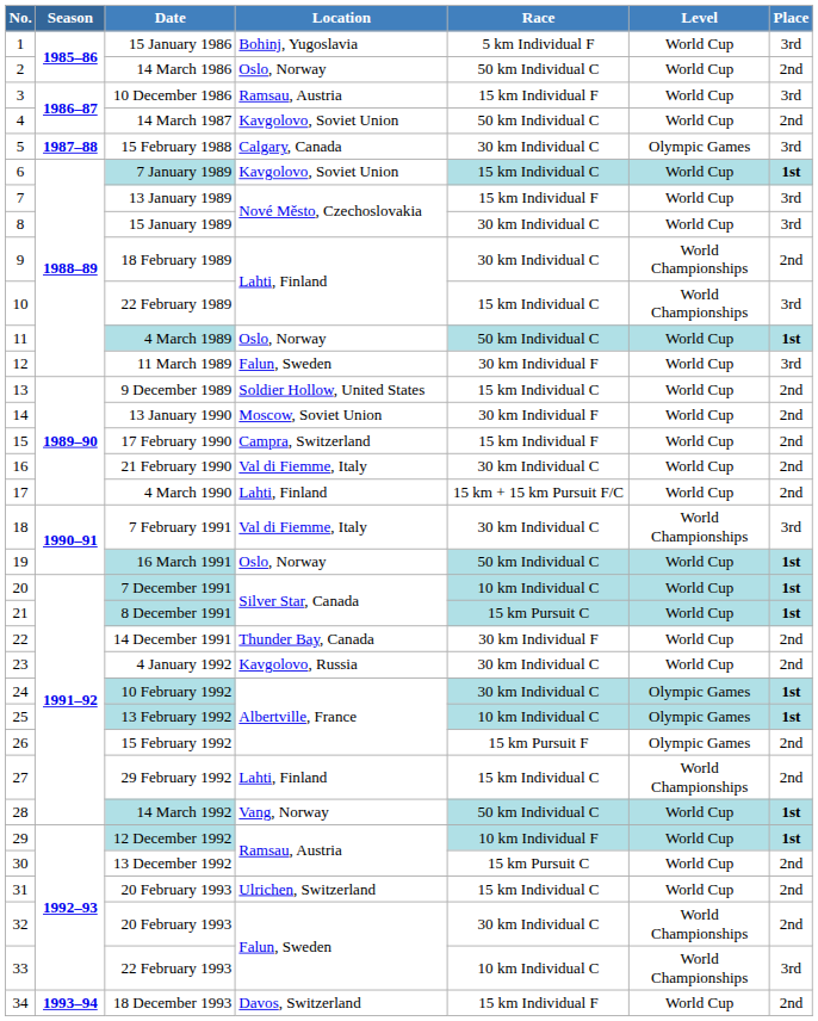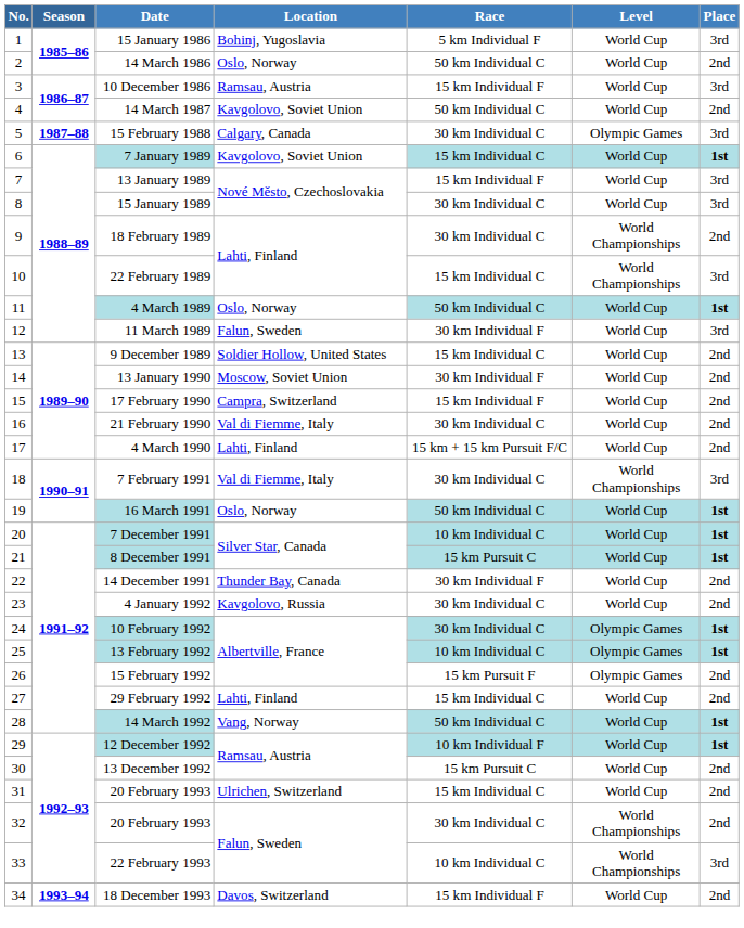 <table class="wikitable sortable" style="font-size:95%; text-align:center; border:grey solid 1px; border-collapse:collapse; background:#ffffff;">
 <tr style="background:#efefef;">
 <th style="background-color:#369; color:white;">No.</th>
 <th style="background-color:#369; color:white;">Season</th>
 <th style="background-color:#4180be; color:white; width:120px;">Date</th>
 <th style="background-color:#4180be; color:white; width:200px;">Location</th>
 <th style="background-color:#4180be; color:white; width:170px;">Race</th>
 <th style="background-color:#4180be; color:white; width:130px;">Level</th>
 <th style="background-color:#4180be; color:white;">Place</th>
 </tr>
 <tr>
 <td align=center>1</td>
 <td rowspan=2 align=center><strong> <a href='#'>1985–86</a> </strong></td>
 <td align=right>15 January 1986</td>
 <td align=left> <a href='#'>Bohinj</a>, Yugoslavia</td>
 <td>5 km Individual F</td>
 <td>World Cup</td>
 <td>3rd</td>
 </tr>
 <tr>
 <td align=center>2</td>
 <td align=right>14 March 1986</td>
 <td align=left> <a href='#'>Oslo</a>, Norway</td>
 <td>50 km Individual C</td>
 <td>World Cup</td>
 <td>2nd</td>
 </tr>
 <tr>
 <td align=center>3</td>
 <td rowspan=2 align=center><strong> <a href='#'>1986–87</a> </strong></td>
 <td align=right>10 December 1986</td>
 <td align=left> <a href='#'>Ramsau</a>, Austria</td>
 <td>15 km Individual F</td>
 <td>World Cup</td>
 <td>3rd</td>
 </tr>
 <tr>
 <td align=center>4</td>
 <td align=right>14 March 1987</td>
 <td align=left> <a href='#'>Kavgolovo</a>, Soviet Union</td>
 <td>50 km Individual C</td>
 <td>World Cup</td>
 <td>2nd</td>
 </tr>
 <tr>
 <td align=center>5</td>
 <td rowspan=1 align=center><strong> <a href='#'>1987–88</a> </strong></td>
 <td align=right>15 February 1988</td>
 <td align=left> <a href='#'>Calgary</a>, Canada</td>
 <td>30 km Individual C</td>
 <td>Olympic Games</td>
 <td>3rd</td>
 </tr>
 <tr>
 <td align=center>6</td>
 <td rowspan=7 align=center><strong><a href='#'>1988–89</a></strong></td>
 <td bgcolor="#BOEOE6" align=right>7 January 1989</td>
 <td align=left> <a href='#'>Kavgolovo</a>, Soviet Union</td>
 <td bgcolor="#BOEOE6">15 km Individual C</td>
 <td bgcolor="#BOEOE6">World Cup</td>
 <td bgcolor="#BOEOE6"><strong>1st</strong></td>
 </tr>
 <tr>
 <td align=center>7</td>
 <td align=right>13 January 1989</td>
 <td rowspan=2 align=left> <a href='#'>Nové Město</a>, Czechoslovakia</td>
 <td>15 km Individual F</td>
 <td>World Cup</td>
 <td>3rd</td>
 </tr>
 <tr>
 <td align=center>8</td>
 <td align=right>15 January 1989</td>
 <td>30 km Individual C</td>
 <td>World Cup</td>
 <td>3rd</td>
 </tr>
 <tr>
 <td align=center>9</td>
 <td align=right>18 February 1989</td>
 <td rowspan=2 align=left> <a href='#'>Lahti</a>, Finland</td>
 <td>30 km Individual C</td>
 <td>World Championships</td>
 <td>2nd</td>
 </tr>
 <tr>
 <td align=center>10</td>
 <td align=right>22 February 1989</td>
 <td>15 km Individual C</td>
 <td>World Championships</td>
 <td>3rd</td>
 </tr>
 <tr>
 <td align=center>11</td>
 <td bgcolor="#BOEOE6" align=right>4 March 1989</td>
 <td align=left> <a href='#'>Oslo</a>, Norway</td>
 <td bgcolor="#BOEOE6">50 km Individual C</td>
 <td bgcolor="#BOEOE6">World Cup</td>
 <td bgcolor="#BOEOE6"><strong>1st</strong></td>
 </tr>
 <tr>
 <td align=center>12</td>
 <td align=right>11 March 1989</td>
 <td align=left> <a href='#'>Falun</a>, Sweden</td>
 <td>30 km Individual F</td>
 <td>World Cup</td>
 <td>3rd</td>
 </tr>
 <tr>
 <td align=center>13</td>
 <td rowspan=5 align=center><strong> <a href='#'>1989–90</a> </strong></td>
 <td align=right>9 December 1989</td>
 <td align=left> <a href='#'>Soldier Hollow</a>, United States</td>
 <td>15 km Individual C</td>
 <td>World Cup</td>
 <td>2nd</td>
 </tr>
 <tr>
 <td align=center>14</td>
 <td align=right>13 January 1990</td>
 <td align=left> <a href='#'>Moscow</a>, Soviet Union</td>
 <td>30 km Individual F</td>
 <td>World Cup</td>
 <td>2nd</td>
 </tr>
 <tr>
 <td align=center>15</td>
 <td align=right>17 February 1990</td>
 <td align=left> <a href='#'>Campra</a>, Switzerland</td>
 <td>15 km Individual F</td>
 <td>World Cup</td>
 <td>2nd</td>
 </tr>
 <tr>
 <td align=center>16</td>
 <td align=right>21 February 1990</td>
 <td align=left> <a href='#'>Val di Fiemme</a>, Italy</td>
 <td>30 km Individual C</td>
 <td>World Cup</td>
 <td>2nd</td>
 </tr>
 <tr>
 <td align=center>17</td>
 <td align=right>4 March 1990</td>
 <td align=left> <a href='#'>Lahti</a>, Finland</td>
 <td>15 km + 15 km Pursuit F/C</td>
 <td>World Cup</td>
 <td>2nd</td>
 </tr>
 <tr>
 <td align=center>18</td>
 <td rowspan=2 align=center><strong> <a href='#'>1990–91</a> </strong></td>
 <td align=right>7 February 1991</td>
 <td align=left> <a href='#'>Val di Fiemme</a>, Italy</td>
 <td>30 km Individual C</td>
 <td>World Championships</td>
 <td>3rd</td>
 </tr>
 <tr>
 <td align=center>19</td>
 <td bgcolor="#BOEOE6" align=right>16 March 1991</td>
 <td align=left> <a href='#'>Oslo</a>, Norway</td>
 <td bgcolor="#BOEOE6">50 km Individual C</td>
 <td bgcolor="#BOEOE6">World Cup</td>
 <td bgcolor="#BOEOE6"><strong>1st</strong></td>
 </tr>
 <tr>
 <td align=center>20</td>
 <td rowspan=9 align=center><strong><a href='#'>1991–92</a></strong></td>
 <td bgcolor="#BOEOE6" align=right>7 December 1991</td>
 <td rowspan=2 align=left> <a href='#'>Silver Star</a>, Canada</td>
 <td bgcolor="#BOEOE6">10 km Individual C</td>
 <td bgcolor="#BOEOE6">World Cup</td>
 <td bgcolor="#BOEOE6"><strong>1st</strong></td>
 </tr>
 <tr>
 <td align=center>21</td>
 <td bgcolor="#BOEOE6" align=right>8 December 1991</td>
 <td bgcolor="#BOEOE6">15 km Pursuit C</td>
 <td bgcolor="#BOEOE6">World Cup</td>
 <td bgcolor="#BOEOE6"><strong>1st</strong></td>
 </tr>
 <tr>
 <td align=center>22</td>
 <td align=right>14 December 1991</td>
 <td align=left> <a href='#'>Thunder Bay</a>, Canada</td>
 <td>30 km Individual F</td>
 <td>World Cup</td>
 <td>2nd</td>
 </tr>
 <tr>
 <td align=center>23</td>
 <td align=right>4 January 1992</td>
 <td align=left> <a href='#'>Kavgolovo</a>, Russia</td>
 <td>30 km Individual C</td>
 <td>World Cup</td>
 <td>2nd</td>
 </tr>
 <tr>
 <td align=center>24</td>
 <td bgcolor="#BOEOE6" align=right>10 February 1992</td>
 <td rowspan=3 align=left> <a href='#'>Albertville</a>, France</td>
 <td bgcolor="#BOEOE6">30 km Individual C</td>
 <td bgcolor="#BOEOE6">Olympic Games</td>
 <td bgcolor="#BOEOE6"><strong>1st</strong></td>
 </tr>
 <tr>
 <td align=center>25</td>
 <td bgcolor="#BOEOE6" align=right>13 February 1992</td>
 <td bgcolor="#BOEOE6">10 km Individual C</td>
 <td bgcolor="#BOEOE6">Olympic Games</td>
 <td bgcolor="#BOEOE6"><strong>1st</strong></td>
 </tr>
 <tr>
 <td align=center>26</td>
 <td align=right>15 February 1992</td>
 <td>15 km Pursuit F</td>
 <td>Olympic Games</td>
 <td>2nd</td>
 </tr>
 <tr>
 <td align=center>27</td>
 <td align=right>29 February 1992</td>
 <td align=left> <a href='#'>Lahti</a>, Finland</td>
 <td>15 km Individual C</td>
-<td>World Championships</td>
+<td>World Cup</td>
 <td>2nd</td>
 </tr>
 <tr>
 <td align=center>28</td>
 <td bgcolor="#BOEOE6" align=right>14 March 1992</td>
 <td align=left> <a href='#'>Vang</a>, Norway</td>
 <td bgcolor="#BOEOE6">50 km Individual C</td>
 <td bgcolor="#BOEOE6">World Cup</td>
 <td bgcolor="#BOEOE6"><strong>1st</strong></td>
 </tr>
 <tr>
 <td align=center>29</td>
 <td rowspan=5 align=center><strong><a href='#'>1992–93</a></strong></td>
 <td bgcolor="#BOEOE6" align=right>12 December 1992</td>
 <td rowspan=2 align=left> <a href='#'>Ramsau</a>, Austria</td>
 <td bgcolor="#BOEOE6">10 km Individual F</td>
 <td bgcolor="#BOEOE6">World Cup</td>
 <td bgcolor="#BOEOE6"><strong>1st</strong></td>
 </tr>
 <tr>
 <td align=center>30</td>
 <td align=right>13 December 1992</td>
 <td>15 km Pursuit C</td>
 <td>World Cup</td>
 <td>2nd</td>
 </tr>
 <tr>
 <td align=center>31</td>
 <td align=right>20 February 1993</td>
 <td align=left> <a href='#'>Ulrichen</a>, Switzerland</td>
 <td>15 km Individual C</td>
 <td>World Cup</td>
 <td>2nd</td>
 </tr>
 <tr>
 <td align=center>32</td>
 <td align=right>20 February 1993</td>
 <td rowspan=2 align=left> <a href='#'>Falun</a>, Sweden</td>
 <td>30 km Individual C</td>
 <td>World Championships</td>
 <td>2nd</td>
 </tr>
 <tr>
 <td align=center>33</td>
 <td align=right>22 February 1993</td>
 <td>10 km Individual C</td>
 <td>World Championships</td>
 <td>3rd</td>
 </tr>
 <tr>
 <td align=center>34</td>
 <td rowspan=1 align=center><strong> <a href='#'>1993–94</a> </strong></td>
 <td align=right>18 December 1993</td>
 <td align=left> <a href='#'>Davos</a>, Switzerland</td>
 <td>15 km Individual F</td>
 <td>World Cup</td>
 <td>2nd</td>
 </tr>
 </table>
